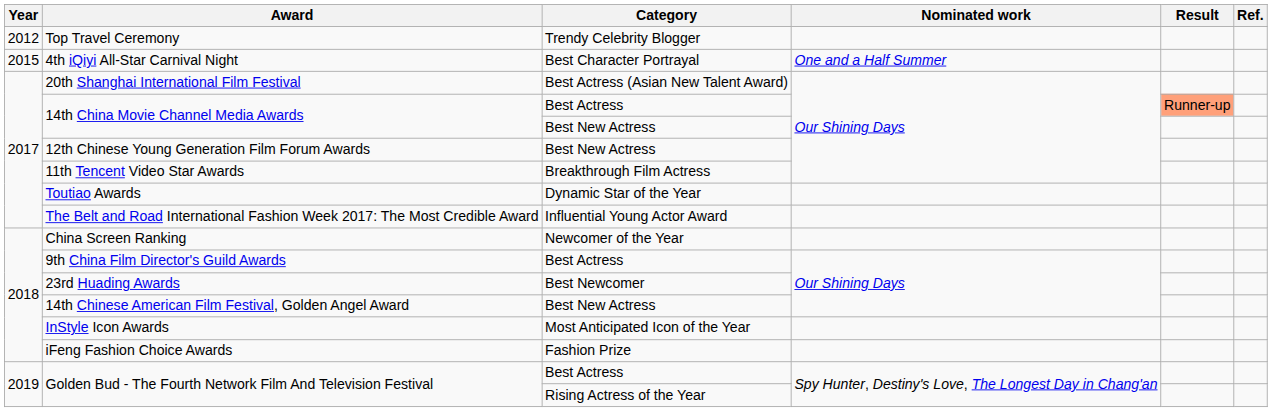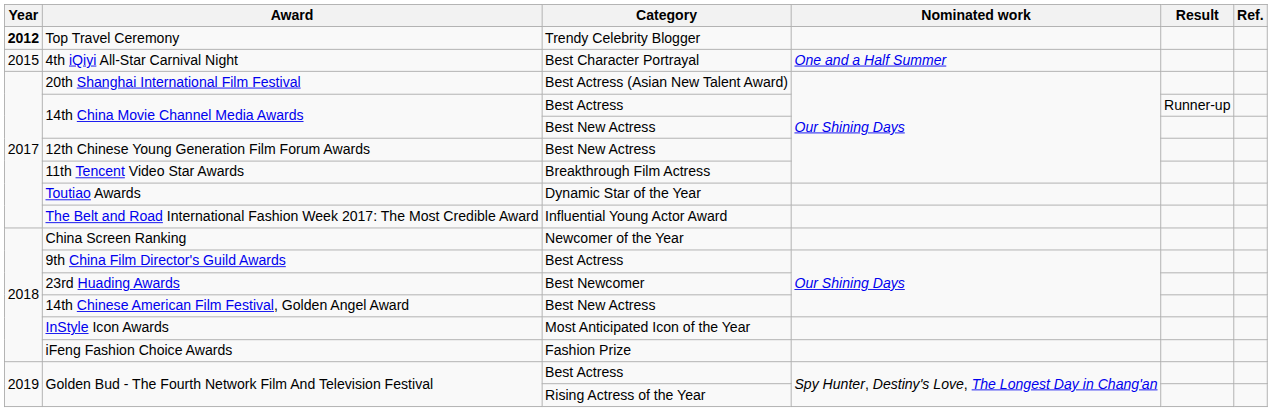 <table class="wikitable">
 <tr>
 <th>Year</th>
 <th>Award</th>
 <th>Category</th>
 <th>Nominated work</th>
 <th>Result</th>
 <th>Ref.</th>
 </tr>
 <tr>
-<td>2012</td>
+<td><strong>2012</strong></td>
 <td>Top Travel Ceremony</td>
 <td>Trendy Celebrity Blogger</td>
 <td></td>
 <td></td>
 <td></td>
 </tr>
 <tr>
 <td>2015</td>
 <td>4th <a href='#'>iQiyi</a> All-Star Carnival Night</td>
 <td>Best Character Portrayal</td>
 <td><em><a href='#'>One and a Half Summer</a></em></td>
 <td></td>
 <td></td>
 </tr>
 <tr>
 <td rowspan=7>2017</td>
 <td>20th <a href='#'>Shanghai International Film Festival</a></td>
 <td>Best Actress (Asian New Talent Award)</td>
 <td rowspan=5><em><a href='#'>Our Shining Days</a></em></td>
 <td></td>
 <td></td>
 </tr>
 <tr>
 <td rowspan=2>14th <a href='#'>China Movie Channel Media Awards</a></td>
 <td>Best Actress</td>
-<td style="background: lightsalmon;">Runner-up</td>
+<td>Runner-up</td>
 <td></td>
 </tr>
 <tr>
 <td>Best New Actress</td>
 <td></td>
 <td></td>
 </tr>
 <tr>
 <td>12th Chinese Young Generation Film Forum Awards</td>
 <td>Best New Actress</td>
 <td></td>
 <td></td>
 </tr>
 <tr>
 <td>11th <a href='#'>Tencent</a> Video Star Awards</td>
 <td>Breakthrough Film Actress</td>
 <td></td>
 <td></td>
 </tr>
 <tr>
 <td><a href='#'>Toutiao</a> Awards</td>
 <td>Dynamic Star of the Year</td>
 <td></td>
 <td></td>
 <td></td>
 </tr>
 <tr>
 <td><a href='#'>The Belt and Road</a> International Fashion Week 2017: The Most Credible Award</td>
 <td>Influential Young Actor Award</td>
 <td></td>
 <td></td>
 <td></td>
 </tr>
 <tr>
 <td rowspan=6>2018</td>
 <td>China Screen Ranking</td>
 <td>Newcomer of the Year</td>
 <td></td>
 <td></td>
 <td></td>
 </tr>
 <tr>
 <td>9th <a href='#'>China Film Director's Guild Awards</a></td>
 <td>Best Actress</td>
 <td rowspan=3><em><a href='#'>Our Shining Days</a></em></td>
 <td></td>
 <td></td>
 </tr>
 <tr>
 <td>23rd <a href='#'>Huading Awards</a></td>
 <td>Best Newcomer</td>
 <td></td>
 <td></td>
 </tr>
 <tr>
 <td>14th <a href='#'>Chinese American Film Festival</a>, Golden Angel Award</td>
 <td>Best New Actress</td>
 <td></td>
 <td></td>
 </tr>
 <tr>
 <td><a href='#'>InStyle</a> Icon Awards</td>
 <td>Most Anticipated Icon of the Year</td>
 <td></td>
 <td></td>
 <td></td>
 </tr>
 <tr>
 <td>iFeng Fashion Choice Awards</td>
 <td>Fashion Prize</td>
 <td></td>
 <td></td>
 <td></td>
 </tr>
 <tr>
 <td rowspan=2>2019</td>
 <td rowspan=2>Golden Bud - The Fourth Network Film And Television Festival</td>
 <td>Best Actress</td>
 <td rowspan=2><em>Spy Hunter</em>, <em>Destiny's Love</em>, <em><a href='#'>The Longest Day in Chang'an</a></em></td>
 <td></td>
 <td></td>
 </tr>
 <tr>
 <td>Rising Actress of the Year</td>
 <td></td>
 <td></td>
 </tr>
 </table>
